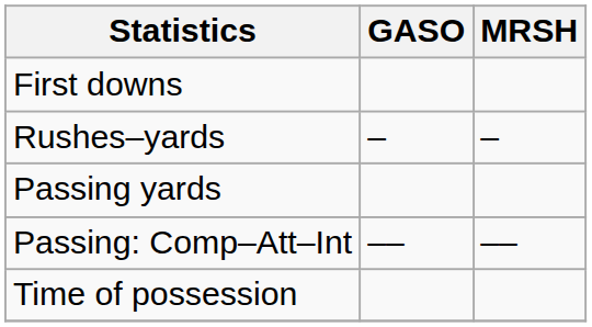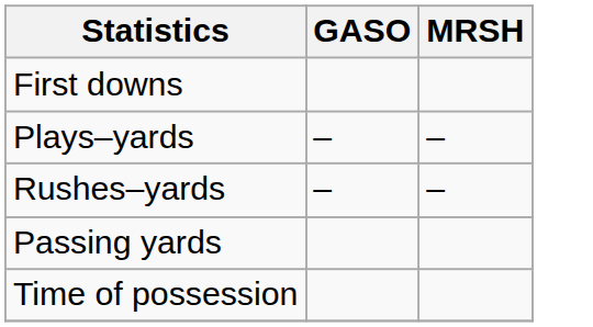 <table class="wikitable" style="float: left;">
 <tr>
 <th>Statistics</th>
 <th>GASO</th>
 <th>MRSH</th>
 </tr>
 <tr>
 <td>First downs</td>
 <td></td>
 <td></td>
 </tr>
 <tr>
+<td>Plays–yards</td>
+<td>–</td>
+<td>–</td>
+</tr>
+<tr>
 <td>Rushes–yards</td>
 <td>–</td>
 <td>–</td>
 </tr>
 <tr>
 <td>Passing yards</td>
 <td></td>
 <td></td>
 </tr>
 <tr>
-<td>Passing: Comp–Att–Int</td>
-<td>––</td>
-<td>––</td>
-</tr>
-<tr>
 <td>Time of possession</td>
 <td></td>
 <td></td>
 </tr>
 <tr>
 </tr>
 </table>
